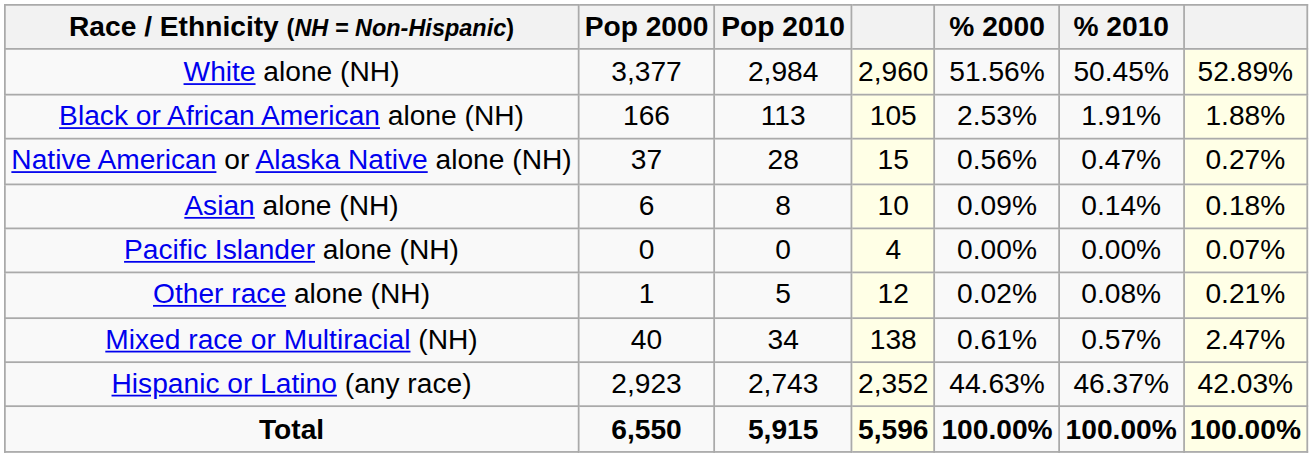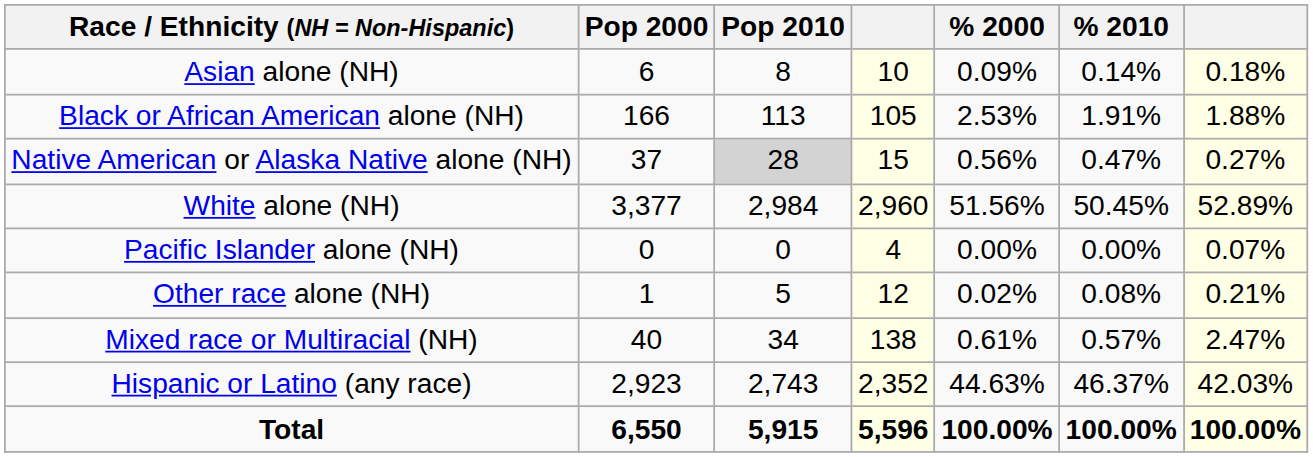 <table class="wikitable" style="text-align:center;">
 <tr>
 <th>Race / Ethnicity <small>(<em>NH = Non-Hispanic</em>)</small></th>
 <th>Pop 2000</th>
 <th>Pop 2010</th>
 <th></th>
 <th>% 2000</th>
 <th>% 2010</th>
 <th></th>
 </tr>
 <tr>
-<td><a href='#'>White</a> alone (NH)</td>
-<td>3,377</td>
-<td>2,984</td>
-<td style='background: #ffffe6;'>2,960</td>
-<td>51.56%</td>
-<td>50.45%</td>
-<td style='background: #ffffe6;'>52.89%</td>
+<td><a href='#'>Asian</a> alone (NH)</td>
+<td>6</td>
+<td>8</td>
+<td style='background: #ffffe6;'>10</td>
+<td>0.09%</td>
+<td>0.14%</td>
+<td style='background: #ffffe6;'>0.18%</td>
 </tr>
 <tr>
 <td><a href='#'>Black or African American</a> alone (NH)</td>
 <td>166</td>
 <td>113</td>
 <td style='background: #ffffe6;'>105</td>
 <td>2.53%</td>
 <td>1.91%</td>
 <td style='background: #ffffe6;'>1.88%</td>
 </tr>
 <tr>
 <td><a href='#'>Native American</a> or <a href='#'>Alaska Native</a> alone (NH)</td>
 <td>37</td>
-<td>28</td>
+<td style="background: lightgrey;">28</td>
 <td style='background: #ffffe6;'>15</td>
 <td>0.56%</td>
 <td>0.47%</td>
 <td style='background: #ffffe6;'>0.27%</td>
 </tr>
 <tr>
-<td><a href='#'>Asian</a> alone (NH)</td>
-<td>6</td>
-<td>8</td>
-<td style='background: #ffffe6;'>10</td>
-<td>0.09%</td>
-<td>0.14%</td>
-<td style='background: #ffffe6;'>0.18%</td>
+<td><a href='#'>White</a> alone (NH)</td>
+<td>3,377</td>
+<td>2,984</td>
+<td style='background: #ffffe6;'>2,960</td>
+<td>51.56%</td>
+<td>50.45%</td>
+<td style='background: #ffffe6;'>52.89%</td>
 </tr>
 <tr>
 <td><a href='#'>Pacific Islander</a> alone (NH)</td>
 <td>0</td>
 <td>0</td>
 <td style='background: #ffffe6;'>4</td>
 <td>0.00%</td>
 <td>0.00%</td>
 <td style='background: #ffffe6;'>0.07%</td>
 </tr>
 <tr>
 <td><a href='#'>Other race</a> alone (NH)</td>
 <td>1</td>
 <td>5</td>
 <td style='background: #ffffe6;'>12</td>
 <td>0.02%</td>
 <td>0.08%</td>
 <td style='background: #ffffe6;'>0.21%</td>
 </tr>
 <tr>
 <td><a href='#'>Mixed race or Multiracial</a> (NH)</td>
 <td>40</td>
 <td>34</td>
 <td style='background: #ffffe6;'>138</td>
 <td>0.61%</td>
 <td>0.57%</td>
 <td style='background: #ffffe6;'>2.47%</td>
 </tr>
 <tr>
 <td><a href='#'>Hispanic or Latino</a> (any race)</td>
 <td>2,923</td>
 <td>2,743</td>
 <td style='background: #ffffe6;'>2,352</td>
 <td>44.63%</td>
 <td>46.37%</td>
 <td style='background: #ffffe6;'>42.03%</td>
 </tr>
 <tr>
 <td><strong>Total</strong></td>
 <td><strong>6,550</strong></td>
 <td><strong>5,915</strong></td>
 <td style='background: #ffffe6;'><strong>5,596</strong></td>
 <td><strong>100.00%</strong></td>
 <td><strong>100.00%</strong></td>
 <td style='background: #ffffe6;'><strong>100.00%</strong></td>
 </tr>
 </table>
